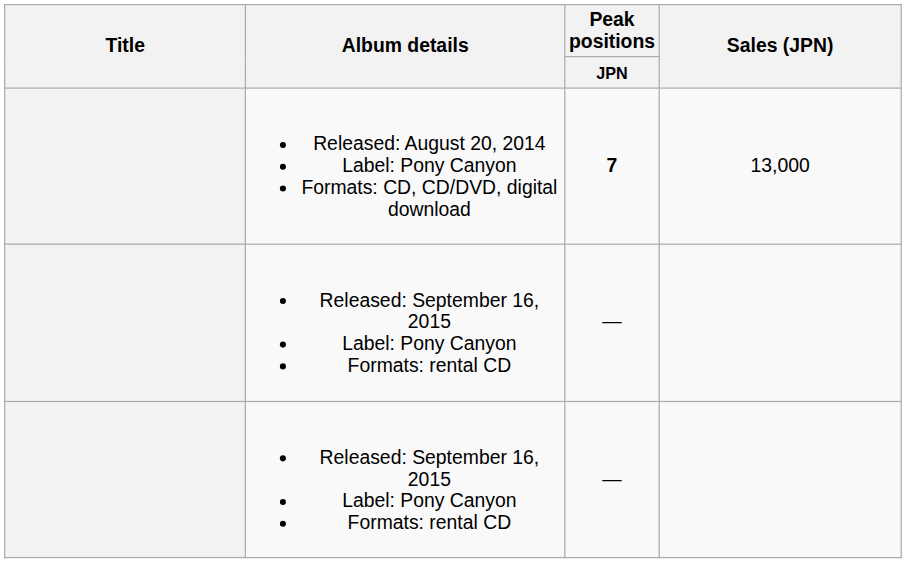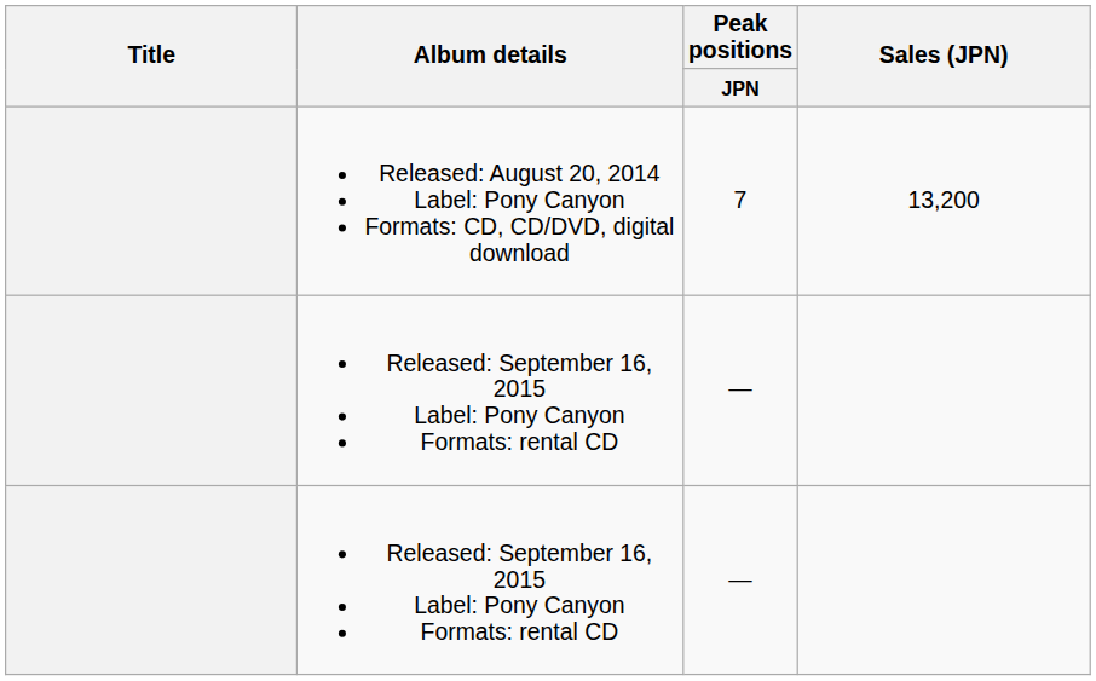 <table class="wikitable plainrowheaders" style="text-align:center;">
 <tr>
 <th style="width:12em;" rowspan="2">Title</th>
 <th style="width:16em;" rowspan="2">Album details</th>
 <th colspan="1">Peak positions</th>
 <th style="width:12em;" rowspan="2">Sales (JPN)</th>
 </tr>
 <tr>
 <th style="width:2.5em;"><small>JPN</small><br></th>
 </tr>
 <tr>
 <th scope="row"></th>
 <td><br><ul><li>Released: August 20, 2014 </li><li>Label: Pony Canyon</li><li>Formats: CD, CD/DVD, digital download</li></ul></td>
-<td><strong>7</strong></td>
-<td>13,000</td>
+<td>7</td>
+<td>13,200</td>
 </tr>
 <tr>
 <th scope="row"></th>
 <td><br><ul><li>Released: September 16, 2015 </li><li>Label: Pony Canyon</li><li>Formats: rental CD</li></ul></td>
 <td>—</td>
 <td></td>
 </tr>
 <tr>
 <th scope="row"></th>
 <td><br><ul><li>Released: September 16, 2015 </li><li>Label: Pony Canyon</li><li>Formats: rental CD</li></ul></td>
 <td>—</td>
 <td></td>
 </tr>
 </table>
